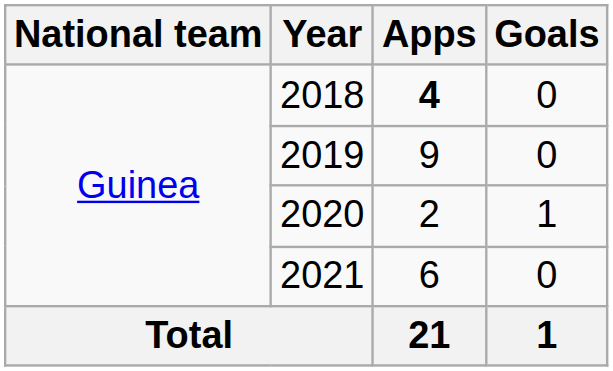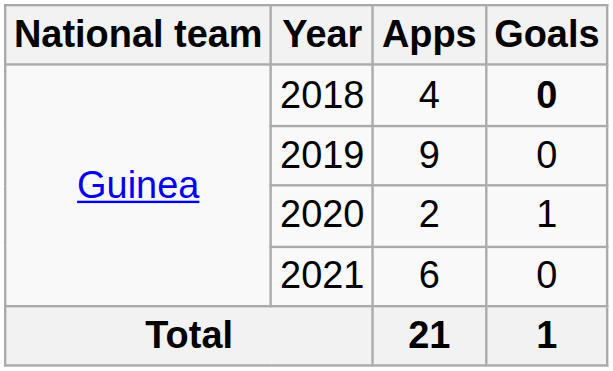 <table class="wikitable" style="text-align:center">
 <tr>
 <th>National team</th>
 <th>Year</th>
 <th>Apps</th>
 <th>Goals</th>
 </tr>
 <tr>
 <td rowspan="4"><a href='#'>Guinea</a></td>
 <td>2018</td>
-<td><strong>4</strong></td>
-<td>0</td>
+<td>4</td>
+<td><strong>0</strong></td>
 </tr>
 <tr>
 <td>2019</td>
 <td>9</td>
 <td>0</td>
 </tr>
 <tr>
 <td>2020</td>
 <td>2</td>
 <td>1</td>
 </tr>
 <tr>
 <td>2021</td>
 <td>6</td>
 <td>0</td>
 </tr>
 <tr>
 <th colspan="2">Total</th>
 <th>21</th>
 <th>1</th>
 </tr>
 </table>
